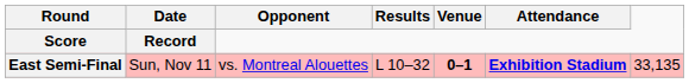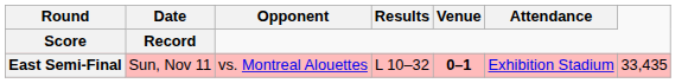 <table class="wikitable" style="text-align:center">
 <tr>
 <th>Round</th>
 <th>Date</th>
 <th>Opponent</th>
 <th>Results</th>
 <th>Venue</th>
 <th>Attendance</th>
 </tr>
 <tr>
 <th>Score</th>
 <th>Record</th>
 </tr>
 <tr style="background:#ffbbbb">
 <th>East Semi-Final</th>
 <td>Sun, Nov 11</td>
 <td>vs. <a href='#'>Montreal Alouettes</a></td>
 <td>L 10–32 </td>
 <td><strong>0–1</strong></td>
-<td><strong><a href='#'>Exhibition Stadium</a></strong></td>
-<td>33,135</td>
+<td><a href='#'>Exhibition Stadium</a></td>
+<td>33,435</td>
 </tr>
 </table>
